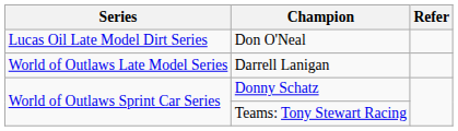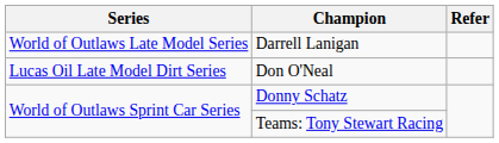 <table class="wikitable" style="font-size:87%;">
 <tr>
 <th>Series</th>
 <th>Champion</th>
 <th>Refer</th>
 </tr>
 <tr>
-<td><a href='#'>Lucas Oil Late Model Dirt Series</a></td>
-<td> Don O'Neal</td>
+<td><a href='#'>World of Outlaws Late Model Series</a></td>
+<td> Darrell Lanigan</td>
 <td></td>
 </tr>
 <tr>
-<td><a href='#'>World of Outlaws Late Model Series</a></td>
-<td> Darrell Lanigan</td>
+<td><a href='#'>Lucas Oil Late Model Dirt Series</a></td>
+<td> Don O'Neal</td>
 <td></td>
 </tr>
 <tr>
 <td rowspan=2><a href='#'>World of Outlaws Sprint Car Series</a></td>
 <td> <a href='#'>Donny Schatz</a></td>
 <td rowspan=2></td>
 </tr>
 <tr>
 <td>Teams:  <a href='#'>Tony Stewart Racing</a></td>
 </tr>
 </table>
